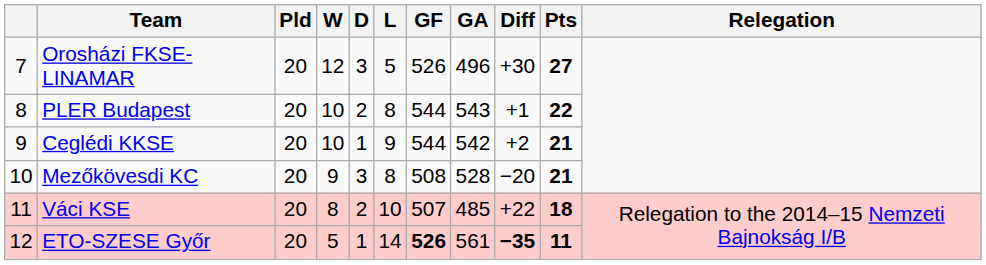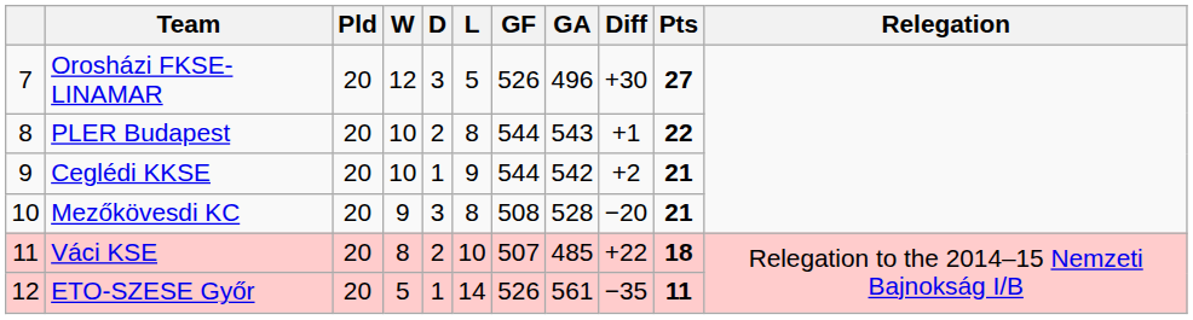 <table class="wikitable sortable" style="text-align:center">
 <tr>
 <th></th>
 <th width="175">Team</th>
 <th>Pld</th>
 <th>W</th>
 <th>D</th>
 <th>L</th>
 <th>GF</th>
 <th>GA</th>
 <th>Diff</th>
 <th>Pts</th>
 <th width="300">Relegation</th>
 </tr>
 <tr>
 <td>7</td>
 <td align=left> <a href='#'>Orosházi FKSE-LINAMAR</a></td>
 <td>20</td>
 <td>12</td>
 <td>3</td>
 <td>5</td>
 <td>526</td>
 <td>496</td>
 <td>+30</td>
 <td><strong>27</strong></td>
 </tr>
 <tr>
 <td>8</td>
 <td align=left> <a href='#'>PLER Budapest</a></td>
 <td>20</td>
 <td>10</td>
 <td>2</td>
 <td>8</td>
 <td>544</td>
 <td>543</td>
 <td>+1</td>
 <td><strong>22</strong></td>
 </tr>
 <tr>
 <td>9</td>
 <td align=left> <a href='#'>Ceglédi KKSE</a></td>
 <td>20</td>
 <td>10</td>
 <td>1</td>
 <td>9</td>
 <td>544</td>
 <td>542</td>
 <td>+2</td>
 <td><strong>21</strong></td>
 </tr>
 <tr>
 <td>10</td>
 <td align=left> <a href='#'>Mezőkövesdi KC</a></td>
 <td>20</td>
 <td>9</td>
 <td>3</td>
 <td>8</td>
 <td>508</td>
 <td>528</td>
 <td>−20</td>
 <td><strong>21</strong></td>
 </tr>
 <tr style="background: #FFCCCC;">
 <td>11</td>
 <td align=left> <a href='#'>Váci KSE</a></td>
 <td>20</td>
 <td>8</td>
 <td>2</td>
 <td>10</td>
 <td>507</td>
 <td>485</td>
 <td>+22</td>
 <td><strong>18</strong></td>
 <td rowspan="2">Relegation to the 2014–15 <a href='#'>Nemzeti Bajnokság I/B</a></td>
 </tr>
 <tr style="background: #FFCCCC;">
 <td>12</td>
 <td align=left> <a href='#'>ETO-SZESE Győr</a></td>
 <td>20</td>
 <td>5</td>
 <td>1</td>
 <td>14</td>
-<td><strong>526</strong></td>
+<td>526</td>
 <td>561</td>
-<td><strong>−35</strong></td>
+<td>−35</td>
 <td><strong>11</strong></td>
 </tr>
 </table>
